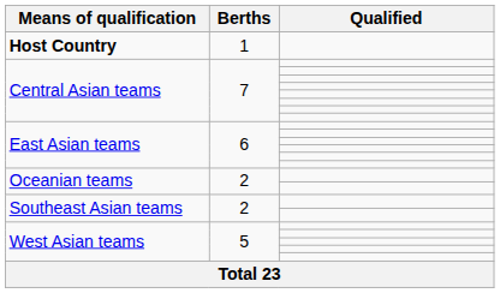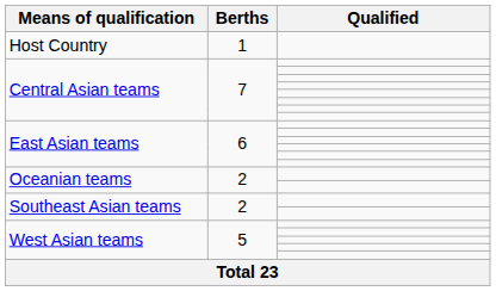 <table class="wikitable">
 <tr>
 <th style="margin:0; width:38%;">Means of qualification</th>
 <th style="margin:0; width:13%;">Berths</th>
 <th style="margin:0; width:40%;">Qualified</th>
 </tr>
 <tr>
-<td><strong>Host Country</strong></td>
+<td>Host Country</td>
 <td style="text-align:center;">1</td>
 <td></td>
 </tr>
 <tr>
 <td rowspan=8><a href='#'>Central Asian teams</a></td>
 <td rowspan=8 style="text-align:center;">7</td>
 <td></td>
 </tr>
 <tr>
 <td></td>
 </tr>
 <tr>
 <td></td>
 </tr>
 <tr>
 <td></td>
 </tr>
 <tr>
 <td></td>
 </tr>
 <tr>
 <td></td>
 </tr>
 <tr>
 <td></td>
 </tr>
 <tr>
 <td><s></s></td>
 </tr>
 <tr>
 <td rowspan=6><a href='#'>East Asian teams</a></td>
 <td rowspan=6 style="text-align:center;">6</td>
 <td></td>
 </tr>
 <tr>
 <td></td>
 </tr>
 <tr>
 <td></td>
 </tr>
 <tr>
 <td></td>
 </tr>
 <tr>
 <td></td>
 </tr>
 <tr>
 <td></td>
 </tr>
 <tr>
 <td rowspan=2><a href='#'>Oceanian teams</a></td>
 <td rowspan=2 style="text-align:center;">2</td>
 <td></td>
 </tr>
 <tr>
 <td></td>
 </tr>
 <tr>
 <td rowspan=2><a href='#'>Southeast Asian teams</a></td>
 <td rowspan=2 style="text-align:center;">2</td>
 <td></td>
 </tr>
 <tr>
 <td></td>
 </tr>
 <tr>
 <td rowspan=5><a href='#'>West Asian teams</a></td>
 <td rowspan=5 style="text-align:center;">5</td>
 <td></td>
 </tr>
 <tr>
 <td></td>
 </tr>
 <tr>
 <td></td>
 </tr>
 <tr>
 <td></td>
 </tr>
 <tr>
 <td></td>
 </tr>
 <tr>
 <th colspan=4>Total 23</th>
 </tr>
 </table>
